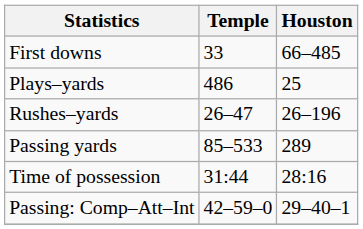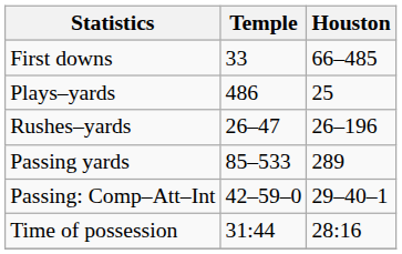 <table class="wikitable" style="float: left;">
 <tr>
 <th>Statistics</th>
 <th>Temple</th>
 <th>Houston</th>
 </tr>
 <tr>
 <td>First downs</td>
 <td>33</td>
 <td>66–485</td>
 </tr>
 <tr>
 <td>Plays–yards</td>
 <td>486</td>
 <td>25</td>
 </tr>
 <tr>
 <td>Rushes–yards</td>
 <td>26–47</td>
 <td>26–196</td>
 </tr>
 <tr>
 <td>Passing yards</td>
 <td>85–533</td>
 <td>289</td>
 </tr>
 <tr>
+<td>Passing: Comp–Att–Int</td>
+<td>42–59–0</td>
+<td>29–40–1</td>
+</tr>
+<tr>
 <td>Time of possession</td>
 <td>31:44</td>
 <td>28:16</td>
 </tr>
 <tr>
-<td>Passing: Comp–Att–Int</td>
-<td>42–59–0</td>
-<td>29–40–1</td>
-</tr>
-<tr>
 </tr>
 </table>
